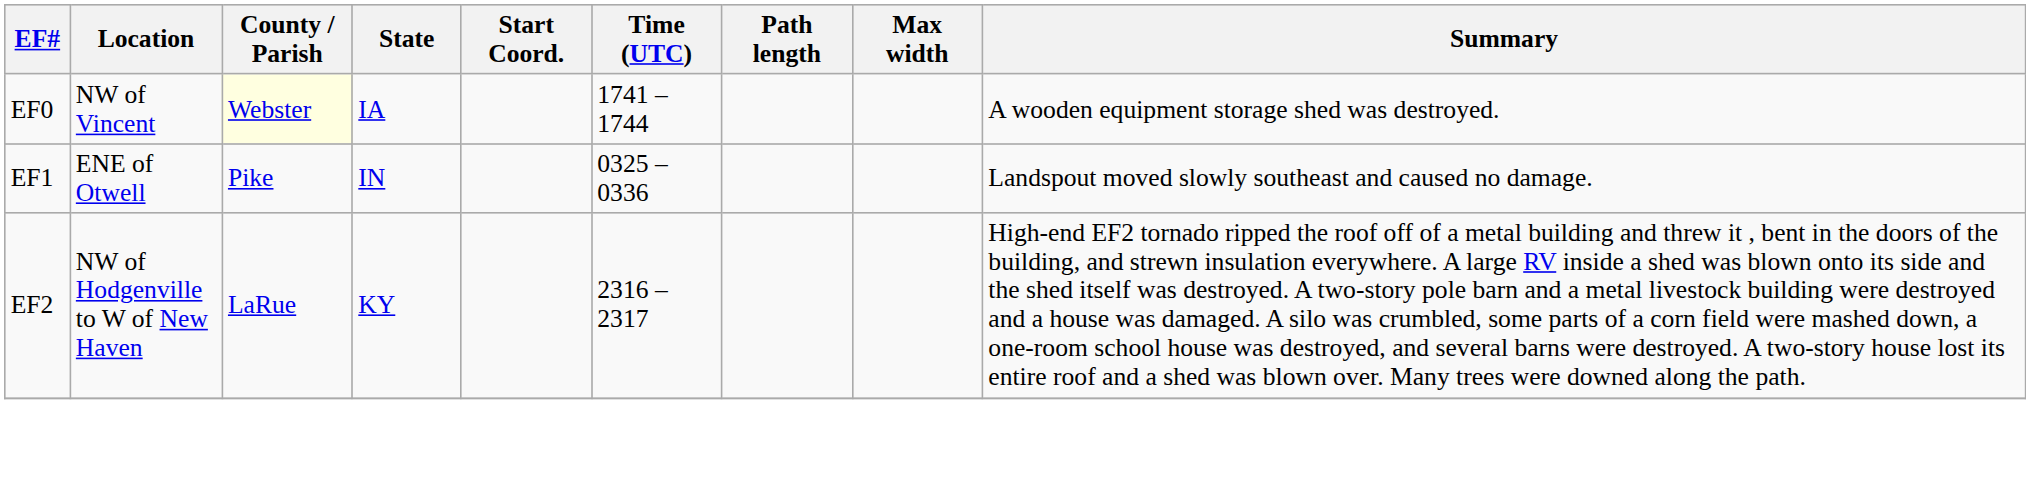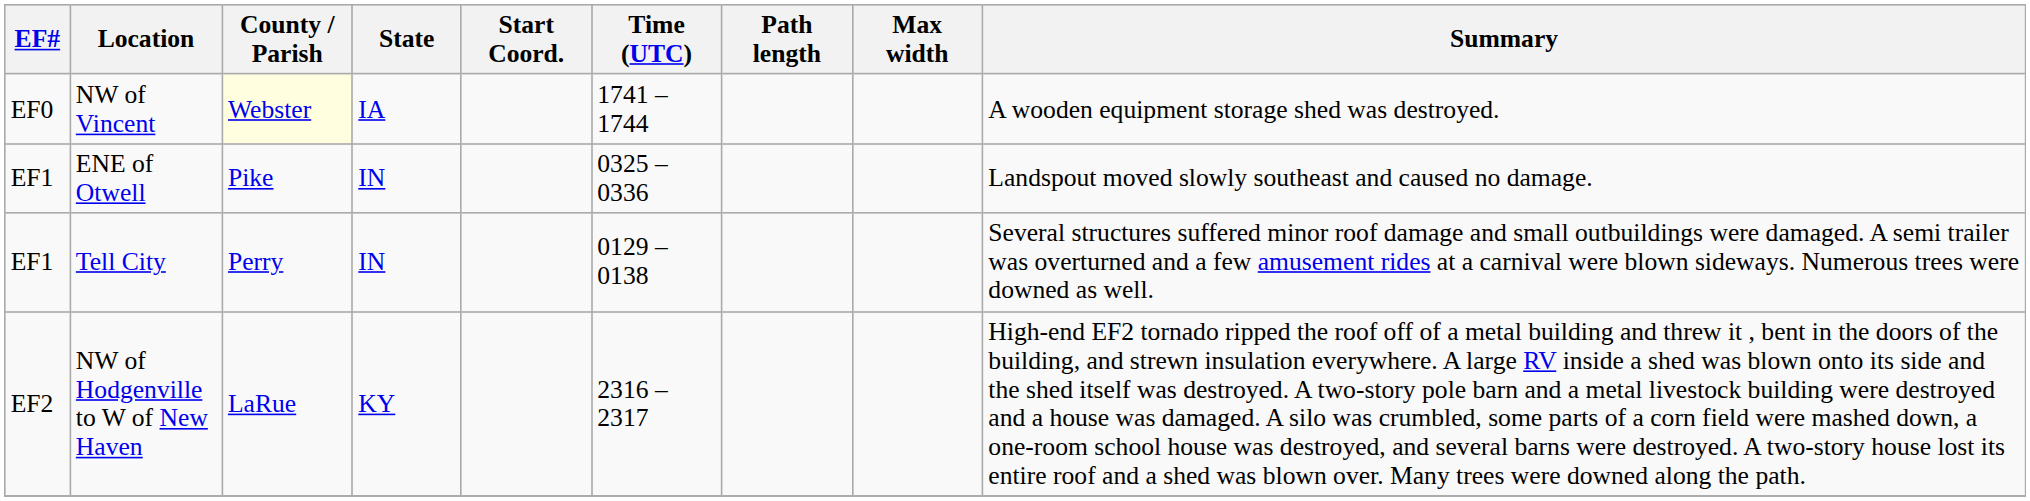 <table class="wikitable sortable" style="width:100%;">
 <tr>
 <th scope="col" width="3%" align="center"><a href='#'>EF#</a></th>
 <th scope="col" width="7%" align="center" class="unsortable">Location</th>
 <th scope="col" width="6%" align="center" class="unsortable">County / Parish</th>
 <th scope="col" width="5%" align="center">State</th>
 <th scope="col" width="6%" align="center">Start Coord.</th>
 <th scope="col" width="6%" align="center">Time (<a href='#'>UTC</a>)</th>
 <th scope="col" width="6%" align="center">Path length</th>
 <th scope="col" width="6%" align="center">Max width</th>
 <th scope="col" width="48%" class="unsortable" align="center">Summary</th>
 </tr>
 <tr>
 <td>EF0</td>
 <td>NW of <a href='#'>Vincent</a></td>
 <td style="background: lightyellow;"><a href='#'>Webster</a></td>
 <td><a href='#'>IA</a></td>
 <td></td>
 <td>1741 – 1744</td>
 <td></td>
 <td></td>
 <td>A  wooden equipment storage shed was destroyed.</td>
 </tr>
 <tr>
 <td>EF1</td>
 <td>ENE of <a href='#'>Otwell</a></td>
 <td><a href='#'>Pike</a></td>
 <td><a href='#'>IN</a></td>
 <td></td>
 <td>0325 – 0336</td>
 <td></td>
 <td></td>
 <td>Landspout moved slowly southeast and caused no damage.</td>
 </tr>
 <tr>
+<td>EF1</td>
+<td><a href='#'>Tell City</a></td>
+<td><a href='#'>Perry</a></td>
+<td><a href='#'>IN</a></td>
+<td></td>
+<td>0129 – 0138</td>
+<td></td>
+<td></td>
+<td>Several structures suffered minor roof damage and small outbuildings were damaged. A semi trailer was overturned and a few <a href='#'>amusement rides</a> at a carnival were blown sideways. Numerous trees were downed as well.</td>
+</tr>
+<tr>
 <td>EF2</td>
 <td>NW of <a href='#'>Hodgenville</a> to W of <a href='#'>New Haven</a></td>
 <td><a href='#'>LaRue</a></td>
 <td><a href='#'>KY</a></td>
 <td></td>
 <td>2316 – 2317</td>
 <td></td>
 <td></td>
 <td>High-end EF2 tornado ripped the roof off of a metal building and threw it , bent in the doors of the building, and strewn insulation everywhere. A large <a href='#'>RV</a> inside a shed was blown onto its side and the shed itself was destroyed. A two-story pole barn and a metal livestock building were destroyed and a house was damaged. A silo was crumbled, some parts of a corn field were mashed down, a one-room school house was destroyed, and several barns were destroyed. A two-story house lost its entire roof and a shed was blown over. Many trees were downed along the path.</td>
 </tr>
 <tr>
 </tr>
 </table>
